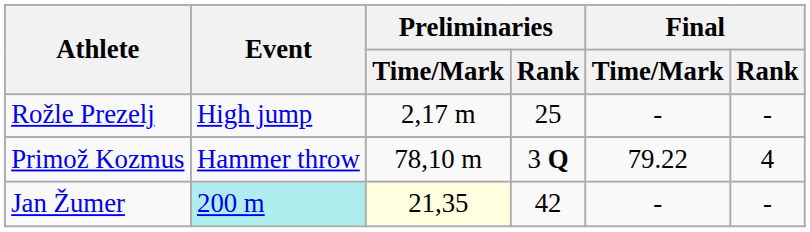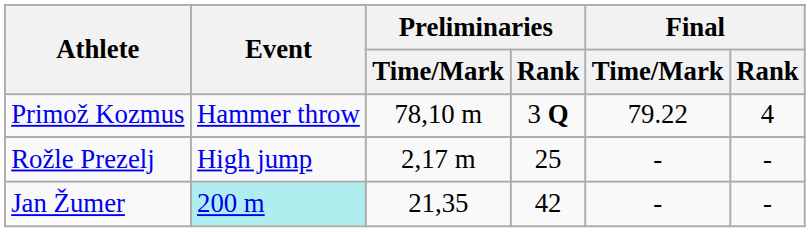 <table class=wikitable style="font-size:90%;">
 <tr>
 <th rowspan=2>Athlete</th>
 <th rowspan=2>Event</th>
 <th colspan=2>Preliminaries</th>
 <th colspan=2>Final</th>
 </tr>
 <tr>
 <th>Time/Mark</th>
 <th>Rank</th>
 <th>Time/Mark</th>
 <th>Rank</th>
 </tr>
 <tr>
+<td><a href='#'>Primož Kozmus</a></td>
+<td><a href='#'>Hammer throw</a></td>
+<td align="center">78,10 m</td>
+<td align="center">3 <strong>Q</strong></td>
+<td align="center">79.22</td>
+<td align="center">4</td>
+</tr>
+<tr>
 <td><a href='#'>Rožle Prezelj</a></td>
 <td><a href='#'>High jump</a></td>
 <td align="center">2,17 m</td>
 <td align="center">25</td>
 <td align="center">-</td>
 <td align="center">-</td>
 </tr>
 <tr>
-<td><a href='#'>Primož Kozmus</a></td>
-<td><a href='#'>Hammer throw</a></td>
-<td align="center">78,10 m</td>
-<td align="center">3 <strong>Q</strong></td>
-<td align="center">79.22</td>
-<td align="center">4</td>
-</tr>
-<tr>
 <td><a href='#'>Jan Žumer</a></td>
 <td style="background: paleturquoise;"><a href='#'>200 m</a></td>
-<td align="center" style="background: lightyellow;">21,35</td>
+<td align="center">21,35</td>
 <td align="center">42</td>
 <td align="center">-</td>
 <td align="center">-</td>
 </tr>
 </table>
